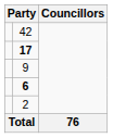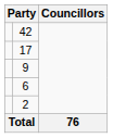 <table class="wikitable">
 <tr>
 <th colspan=2>Party</th>
 <th>Councillors</th>
 </tr>
 <tr>
 <td></td>
 <td align=center>42</td>
 </tr>
 <tr>
 <td></td>
-<td align=center><strong>17</strong></td>
+<td align=center>17</td>
 </tr>
 <tr>
 <td></td>
 <td align=center>9</td>
 </tr>
 <tr>
 <td></td>
-<td align=center><strong>6</strong></td>
+<td align=center>6</td>
 </tr>
 <tr>
 <td></td>
 <td align=center>2</td>
 </tr>
 <tr>
 <th colspan=2>Total</th>
 <th>76</th>
 </tr>
 </table>
